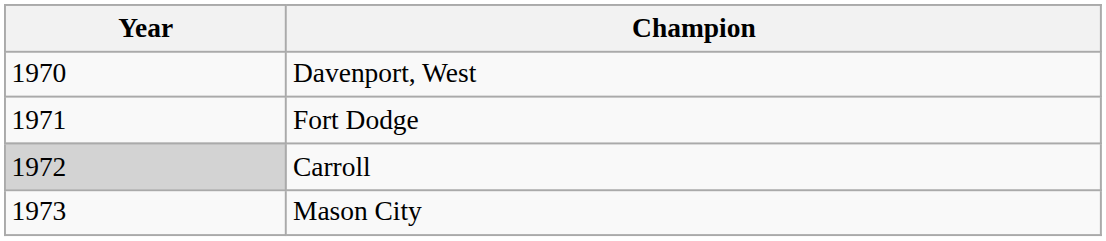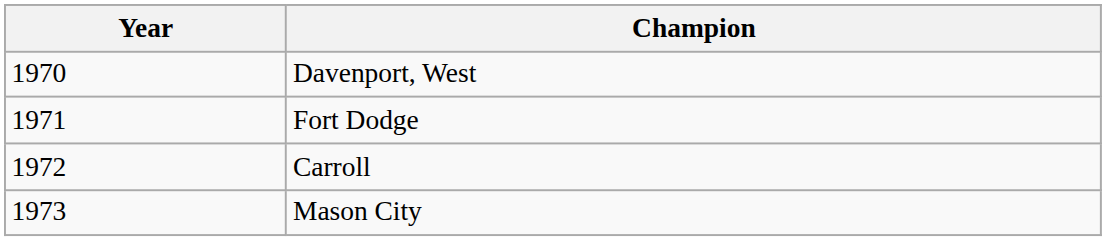 <table class="wikitable collapsible collapsed" style="font-size:88%; min-width:40em">
 <tr>
 <th>Year</th>
 <th>Champion</th>
 </tr>
 <tr>
 <td>1970</td>
 <td>Davenport, West</td>
 </tr>
 <tr>
 <td>1971</td>
 <td>Fort Dodge</td>
 </tr>
 <tr>
-<td style="background: lightgrey;">1972</td>
+<td>1972</td>
 <td>Carroll</td>
 </tr>
 <tr>
 <td>1973</td>
 <td>Mason City</td>
 </tr>
 </table>
